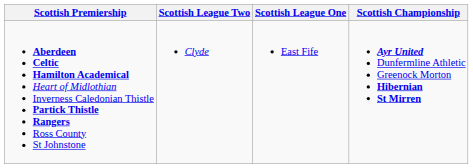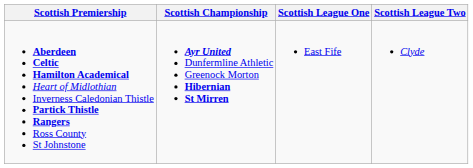 <table class="wikitable" style="text-align:left">
 <tr>
 <th><a href='#'>Scottish Premiership</a></th>
+<th><a href='#'>Scottish Championship</a></th>
+<th><a href='#'>Scottish League One</a></th>
 <th><a href='#'>Scottish League Two</a></th>
-<th><a href='#'>Scottish League One</a></th>
-<th><a href='#'>Scottish Championship</a></th>
 </tr>
 <tr>
 <td valign=top><br><ul><li><strong><a href='#'>Aberdeen</a></strong></li><li><strong><a href='#'>Celtic</a></strong></li><li><strong><a href='#'>Hamilton Academical</a></strong></li><li><em><a href='#'>Heart of Midlothian</a></em></li><li><a href='#'>Inverness Caledonian Thistle</a></li><li><strong><a href='#'>Partick Thistle</a></strong></li><li><strong><a href='#'>Rangers</a></strong></li><li><a href='#'>Ross County</a></li><li><a href='#'>St Johnstone</a></li></ul></td>
+<td valign=top><br><ul><li><strong><em><a href='#'>Ayr United</a></em></strong></li><li><a href='#'>Dunfermline Athletic</a></li><li><a href='#'>Greenock Morton</a></li><li><strong><a href='#'>Hibernian</a></strong></li><li><strong><a href='#'>St Mirren</a></strong></li></ul></td>
+<td valign=top><br><ul><li><a href='#'>East Fife</a></li></ul></td>
 <td valign=top><br><ul><li><em><a href='#'>Clyde</a></em></li></ul></td>
-<td valign=top><br><ul><li><a href='#'>East Fife</a></li></ul></td>
-<td valign=top><br><ul><li><strong><em><a href='#'>Ayr United</a></em></strong></li><li><a href='#'>Dunfermline Athletic</a></li><li><a href='#'>Greenock Morton</a></li><li><strong><a href='#'>Hibernian</a></strong></li><li><strong><a href='#'>St Mirren</a></strong></li></ul></td>
 </tr>
 </table>
